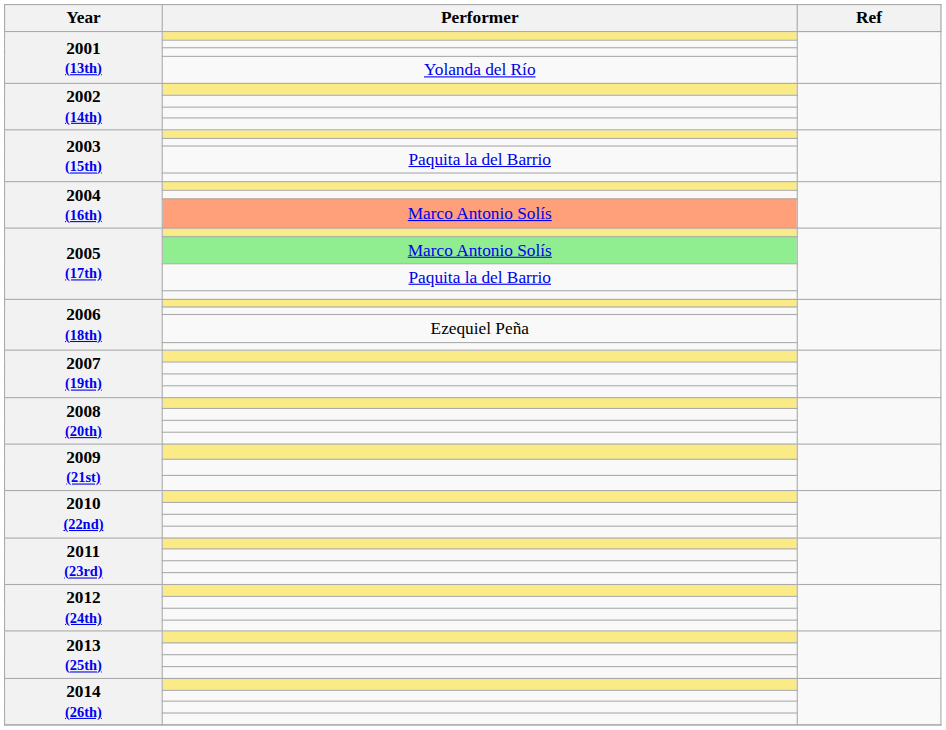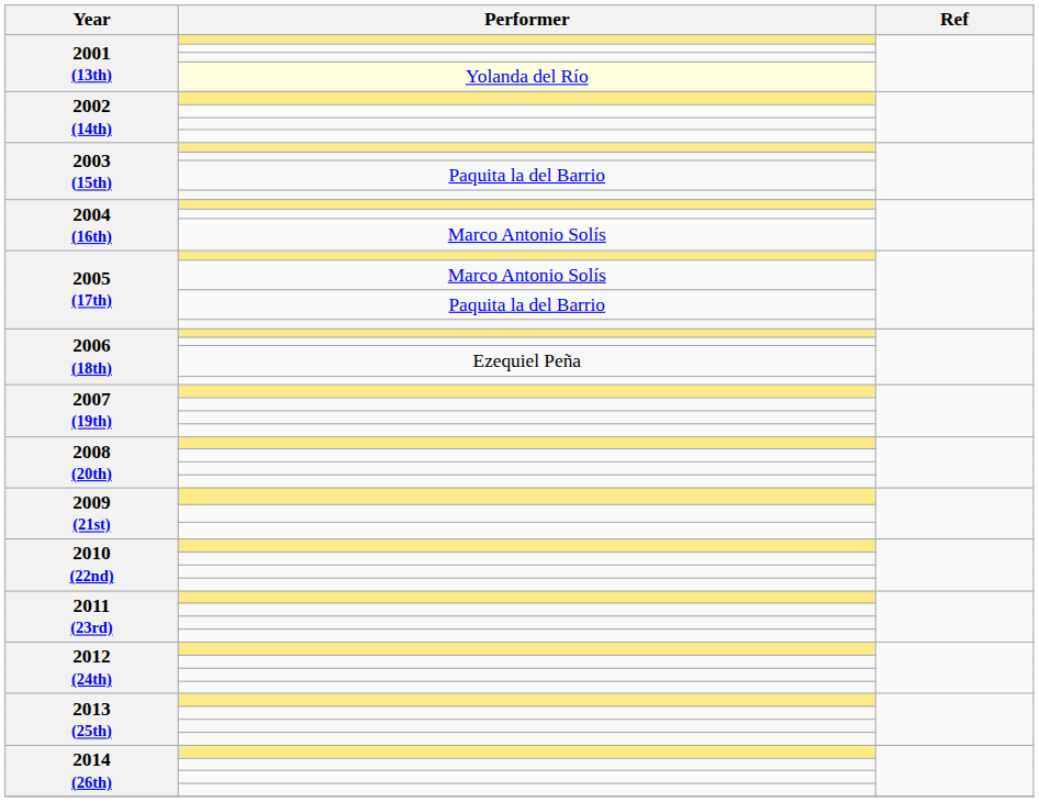 <table class="wikitable sortable" style="text-align:center;">
 <tr style="background:#bebebe;">
 <th scope="col" style="width:1%;">Year</th>
 <th scope="col" style="width:5%;">Performer</th>
 <th scope="col" style="width:1%;" class="unsortable">Ref</th>
 </tr>
 <tr>
 <th scope="row"  rowspan=4 style="text-align:center">2001 <br><small><a href='#'>(13th)</a></small></th>
 <td style="background:#FAEB86"></td>
 <td rowspan=4></td>
 </tr>
 <tr>
 <td></td>
 </tr>
 <tr>
 <td></td>
 </tr>
 <tr>
-<td><a href='#'>Yolanda del Río</a></td>
+<td style="background: lightyellow;"><a href='#'>Yolanda del Río</a></td>
 </tr>
 <tr>
 <th scope="row" rowspan=4 style="text-align:center">2002 <br><small><a href='#'>(14th)</a></small></th>
 <td style="background:#FAEB86"></td>
 <td rowspan=4></td>
 </tr>
 <tr>
 <td></td>
 </tr>
 <tr>
 <td></td>
 </tr>
 <tr>
 <td></td>
 </tr>
 <tr>
 <th scope="row" rowspan=4 style="text-align:center">2003 <br><small><a href='#'>(15th)</a></small></th>
 <td style="background:#FAEB86"></td>
 <td rowspan=4></td>
 </tr>
 <tr>
 <td></td>
 </tr>
 <tr>
 <td><a href='#'>Paquita la del Barrio</a></td>
 </tr>
 <tr>
 <td></td>
 </tr>
 <tr>
 <th scope="row" rowspan=3 style="text-align:center">2004 <br><small><a href='#'>(16th)</a></small></th>
 <td style="background:#FAEB86"></td>
 <td rowspan=3></td>
 </tr>
 <tr>
 <td></td>
 </tr>
 <tr>
-<td style="background: lightsalmon;"><a href='#'>Marco Antonio Solís</a></td>
+<td><a href='#'>Marco Antonio Solís</a></td>
 </tr>
 <tr>
 <th scope="row" rowspan=4 style="text-align:center">2005 <br><small><a href='#'>(17th)</a></small></th>
 <td style="background:#FAEB86"></td>
 <td rowspan=4></td>
 </tr>
 <tr>
-<td style="background: lightgreen;"><a href='#'>Marco Antonio Solís</a></td>
+<td><a href='#'>Marco Antonio Solís</a></td>
 </tr>
 <tr>
 <td><a href='#'>Paquita la del Barrio</a></td>
 </tr>
 <tr>
 <td></td>
 </tr>
 <tr>
 <th scope="row" rowspan=4 style="text-align:center">2006 <br><small><a href='#'>(18th)</a></small></th>
 <td style="background:#FAEB86"></td>
 <td rowspan=4></td>
 </tr>
 <tr>
 <td></td>
 </tr>
 <tr>
 <td>Ezequiel Peña</td>
 </tr>
 <tr>
 <td></td>
 </tr>
 <tr>
 <th scope="row" rowspan=4 style="text-align:center">2007 <br><small><a href='#'>(19th)</a></small></th>
 <td style="background:#FAEB86"></td>
 <td rowspan=4></td>
 </tr>
 <tr>
 <td></td>
 </tr>
 <tr>
 <td></td>
 </tr>
 <tr>
 <td></td>
 </tr>
 <tr>
 <th scope="row" rowspan=4 style="text-align:center">2008 <br><small><a href='#'>(20th)</a></small></th>
 <td style="background:#FAEB86"></td>
 <td rowspan=4></td>
 </tr>
 <tr>
 <td></td>
 </tr>
 <tr>
 <td></td>
 </tr>
 <tr>
 <td></td>
 </tr>
 <tr>
 <th scope="row" rowspan=3 style="text-align:center">2009 <br><small><a href='#'>(21st)</a></small></th>
 <td style="background:#FAEB86"></td>
 <td rowspan=3></td>
 </tr>
 <tr>
 <td></td>
 </tr>
 <tr>
 <td></td>
 </tr>
 <tr>
 <th scope="row" rowspan=4 style="text-align:center">2010 <br><small><a href='#'>(22nd)</a></small></th>
 <td style="background:#FAEB86"></td>
 <td rowspan=4></td>
 </tr>
 <tr>
 <td></td>
 </tr>
 <tr>
 <td></td>
 </tr>
 <tr>
 <td></td>
 </tr>
 <tr>
 <th scope="row" rowspan=4 style="text-align:center">2011 <br><small><a href='#'>(23rd)</a></small></th>
 <td style="background:#FAEB86"></td>
 <td rowspan=4></td>
 </tr>
 <tr>
 <td></td>
 </tr>
 <tr>
 <td></td>
 </tr>
 <tr>
 <td></td>
 </tr>
 <tr>
 <th scope="row" rowspan=4 style="text-align:center">2012 <br><small><a href='#'>(24th)</a></small></th>
 <td style="background:#FAEB86"></td>
 <td rowspan=4></td>
 </tr>
 <tr>
 <td></td>
 </tr>
 <tr>
 <td></td>
 </tr>
 <tr>
 <td></td>
 </tr>
 <tr>
 <th scope="row" rowspan=4 style="text-align:center">2013 <br><small><a href='#'>(25th)</a></small></th>
 <td style="background:#FAEB86"></td>
 <td rowspan=4></td>
 </tr>
 <tr>
 <td></td>
 </tr>
 <tr>
 <td></td>
 </tr>
 <tr>
 <td></td>
 </tr>
 <tr>
 <th scope="row" rowspan=4 style="text-align:center">2014 <br><small><a href='#'>(26th)</a></small></th>
 <td style="background:#FAEB86"></td>
 <td rowspan=4></td>
 </tr>
 <tr>
 <td></td>
 </tr>
 <tr>
 <td></td>
 </tr>
 <tr>
 <td></td>
 </tr>
 <tr>
 </tr>
 </table>
